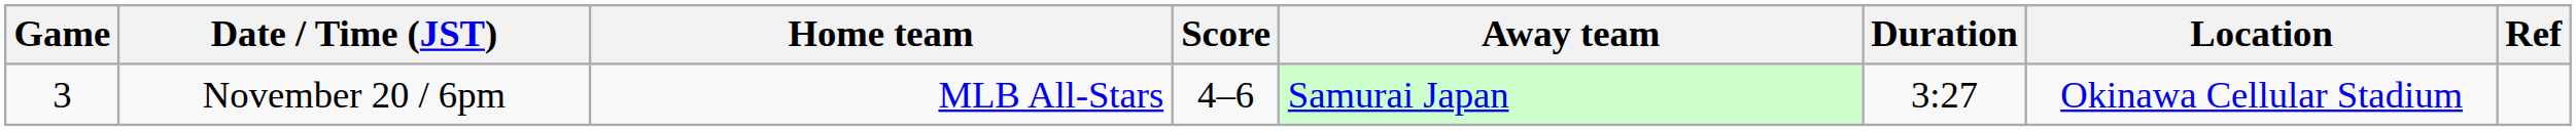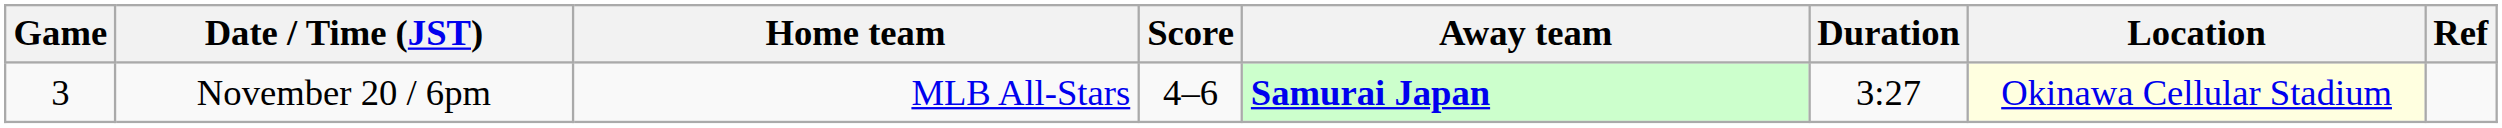 <table class="wikitable" style="text-align:center">
 <tr>
 <th>Game</th>
 <th>Date / Time (<a href='#'>JST</a>)</th>
 <th>Home team</th>
 <th>Score</th>
 <th>Away team</th>
 <th>Duration</th>
 <th>Location</th>
 <th>Ref</th>
 </tr>
 <tr>
 <td style="width: 2em">3</td>
 <td style="width:12em">November 20 / 6pm</td>
 <td style="width:15em; text-align:right"><a href='#'>MLB All-Stars</a> </td>
 <td style="width: 2em">4–6</td>
-<td style="width:15em; background-color:#ccffcc; text-align:left"> <a href='#'>Samurai Japan</a></td>
+<td style="width:15em; background-color:#ccffcc; text-align:left"><strong> <a href='#'>Samurai Japan</a></strong></td>
 <td style="width: 2em">3:27</td>
-<td style="width:12em"><a href='#'>Okinawa Cellular Stadium</a></td>
+<td style="background: lightyellow; width:12em"><a href='#'>Okinawa Cellular Stadium</a></td>
 <td style="width: 1em"></td>
 </tr>
 </table>
